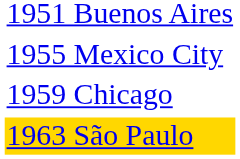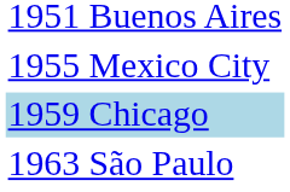 <table>
 <tr>
 <td><a href='#'>1951 Buenos Aires</a></td>
 <td></td>
 <td></td>
 <td></td>
 </tr>
 <tr>
 <td><a href='#'>1955 Mexico City</a></td>
 <td></td>
 <td></td>
 <td></td>
 </tr>
 <tr>
-<td><a href='#'>1959 Chicago</a></td>
+<td style="background: lightblue;"><a href='#'>1959 Chicago</a></td>
 <td></td>
 <td></td>
 <td></td>
 </tr>
 <tr>
-<td style="background: gold;"><a href='#'>1963 São Paulo</a></td>
+<td><a href='#'>1963 São Paulo</a></td>
 <td></td>
 <td></td>
 <td></td>
 </tr>
 </table>
